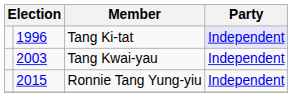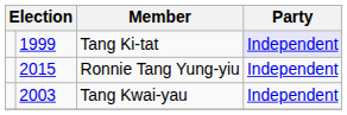 <table class="wikitable">
 <tr>
 <th colspan="2">Election</th>
 <th>Member</th>
 <th>Party</th>
 </tr>
 <tr>
 <td style="background-color: "></td>
-<td><a href='#'>1996</a></td>
+<td><a href='#'>1999</a></td>
 <td>Tang Ki-tat</td>
 <td style="background: lavender;"><a href='#'>Independent</a></td>
+</tr>
+<tr>
+<td style="background-color: "></td>
+<td><a href='#'>2015</a></td>
+<td>Ronnie Tang Yung-yiu</td>
+<td><a href='#'>Independent</a></td>
 </tr>
 <tr>
 <td style="background-color: "></td>
 <td><a href='#'>2003</a></td>
 <td>Tang Kwai-yau</td>
 <td><a href='#'>Independent</a></td>
 </tr>
 <tr>
-<td style="background-color: "></td>
-<td><a href='#'>2015</a></td>
-<td>Ronnie Tang Yung-yiu</td>
-<td><a href='#'>Independent</a></td>
-</tr>
-<tr>
 </tr>
 </table>
